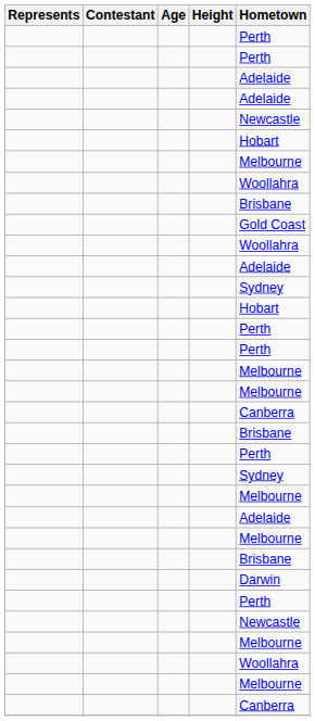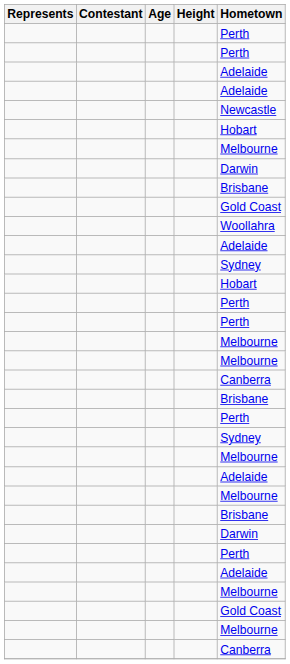 <table class="wikitable sortable static-row-numbers" style="font-size: 95%;">
 <tr>
 <th>Represents</th>
 <th>Contestant</th>
 <th>Age</th>
 <th>Height</th>
 <th>Hometown</th>
 </tr>
 <tr>
 <td><strong></strong></td>
 <td></td>
 <td></td>
 <td></td>
 <td><a href='#'>Perth</a></td>
 </tr>
 <tr>
 <td><strong></strong></td>
 <td></td>
 <td></td>
 <td></td>
 <td><a href='#'>Perth</a></td>
 </tr>
 <tr>
 <td><strong></strong></td>
 <td></td>
 <td></td>
 <td></td>
 <td><a href='#'>Adelaide</a></td>
 </tr>
 <tr>
 <td><strong></strong></td>
 <td></td>
 <td></td>
 <td></td>
 <td><a href='#'>Adelaide</a></td>
 </tr>
 <tr>
 <td><strong></strong></td>
 <td></td>
 <td></td>
 <td></td>
 <td><a href='#'>Newcastle</a></td>
 </tr>
 <tr>
 <td><strong></strong></td>
 <td></td>
 <td></td>
 <td></td>
 <td><a href='#'>Hobart</a></td>
 </tr>
 <tr>
 <td><strong></strong></td>
 <td></td>
 <td></td>
 <td></td>
 <td><a href='#'>Melbourne</a></td>
 </tr>
 <tr>
 <td><strong></strong></td>
 <td></td>
 <td></td>
 <td></td>
-<td><a href='#'>Woollahra</a></td>
+<td><a href='#'>Darwin</a></td>
 </tr>
 <tr>
 <td><strong></strong></td>
 <td></td>
 <td></td>
 <td></td>
 <td><a href='#'>Brisbane</a></td>
 </tr>
 <tr>
 <td><strong></strong></td>
 <td></td>
 <td></td>
 <td></td>
 <td><a href='#'>Gold Coast</a></td>
 </tr>
 <tr>
 <td><strong></strong></td>
 <td></td>
 <td></td>
 <td></td>
 <td><a href='#'>Woollahra</a></td>
 </tr>
 <tr>
 <td><strong></strong></td>
 <td></td>
 <td></td>
 <td></td>
 <td><a href='#'>Adelaide</a></td>
 </tr>
 <tr>
 <td><strong></strong></td>
 <td></td>
 <td></td>
 <td></td>
 <td><a href='#'>Sydney</a></td>
 </tr>
 <tr>
 <td><strong></strong></td>
 <td></td>
 <td></td>
 <td></td>
 <td><a href='#'>Hobart</a></td>
 </tr>
 <tr>
 <td><strong></strong></td>
 <td></td>
 <td></td>
 <td></td>
 <td><a href='#'>Perth</a></td>
 </tr>
 <tr>
 <td><strong></strong></td>
 <td></td>
 <td></td>
 <td></td>
 <td><a href='#'>Perth</a></td>
 </tr>
 <tr>
 <td><strong></strong></td>
 <td></td>
 <td></td>
 <td></td>
 <td><a href='#'>Melbourne</a></td>
 </tr>
 <tr>
 <td><strong></strong></td>
 <td></td>
 <td></td>
 <td></td>
 <td><a href='#'>Melbourne</a></td>
 </tr>
 <tr>
 <td><strong></strong></td>
 <td></td>
 <td></td>
 <td></td>
 <td><a href='#'>Canberra</a></td>
 </tr>
 <tr>
 <td><strong></strong></td>
 <td></td>
 <td></td>
 <td></td>
 <td><a href='#'>Brisbane</a></td>
 </tr>
 <tr>
 <td><strong></strong></td>
 <td></td>
 <td></td>
 <td></td>
 <td><a href='#'>Perth</a></td>
 </tr>
 <tr>
 <td><strong></strong></td>
 <td></td>
 <td></td>
 <td></td>
 <td><a href='#'>Sydney</a></td>
 </tr>
 <tr>
 <td><strong></strong></td>
 <td></td>
 <td></td>
 <td></td>
 <td><a href='#'>Melbourne</a></td>
 </tr>
 <tr>
 <td><strong></strong></td>
 <td></td>
 <td></td>
 <td></td>
 <td><a href='#'>Adelaide</a></td>
 </tr>
 <tr>
 <td><strong></strong></td>
 <td></td>
 <td></td>
 <td></td>
 <td><a href='#'>Melbourne</a></td>
 </tr>
 <tr>
 <td><strong></strong></td>
 <td></td>
 <td></td>
 <td></td>
 <td><a href='#'>Brisbane</a></td>
 </tr>
 <tr>
 <td><strong></strong></td>
 <td></td>
 <td></td>
 <td></td>
 <td><a href='#'>Darwin</a></td>
 </tr>
 <tr>
 <td><strong></strong></td>
 <td></td>
 <td></td>
 <td></td>
 <td><a href='#'>Perth</a></td>
 </tr>
 <tr>
 <td><strong></strong></td>
 <td></td>
 <td></td>
 <td></td>
-<td><a href='#'>Newcastle</a></td>
+<td><a href='#'>Adelaide</a></td>
 </tr>
 <tr>
 <td><strong></strong></td>
 <td></td>
 <td></td>
 <td></td>
 <td><a href='#'>Melbourne</a></td>
 </tr>
 <tr>
 <td><strong></strong></td>
 <td></td>
 <td></td>
 <td></td>
-<td><a href='#'>Woollahra</a></td>
+<td><a href='#'>Gold Coast</a></td>
 </tr>
 <tr>
 <td><strong></strong></td>
 <td></td>
 <td></td>
 <td></td>
 <td><a href='#'>Melbourne</a></td>
 </tr>
 <tr>
 <td><strong></strong></td>
 <td></td>
 <td></td>
 <td></td>
 <td><a href='#'>Canberra</a></td>
 </tr>
 <tr>
 </tr>
 </table>
